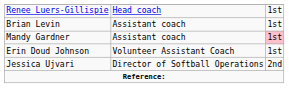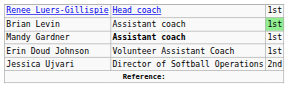 <table class="wikitable" style="font-size:93%;">
 <tr>
 </tr>
 <tr>
 <td><a href='#'>Renee Luers-Gillispie</a></td>
 <td><a href='#'>Head coach</a></td>
 <td align=center>1st</td>
 </tr>
 <tr>
 <td>Brian Levin</td>
 <td>Assistant coach</td>
-<td align=center>1st</td>
+<td align=center style="background: lightgreen;">1st</td>
 </tr>
 <tr>
 <td>Mandy Gardner</td>
-<td>Assistant coach</td>
-<td align=center style="background: pink;">1st</td>
+<td><strong>Assistant coach</strong></td>
+<td align=center>1st</td>
 </tr>
 <tr>
 <td>Erin Doud Johnson</td>
 <td>Volunteer Assistant Coach</td>
 <td align=center>1st</td>
 </tr>
 <tr>
 <td>Jessica Ujvari</td>
 <td>Director of Softball Operations</td>
 <td align=center>2nd</td>
 </tr>
 <tr>
 <td colspan="4"  style="font-size:8pt; text-align:center;"><strong>Reference:</strong></td>
 </tr>
 </table>
